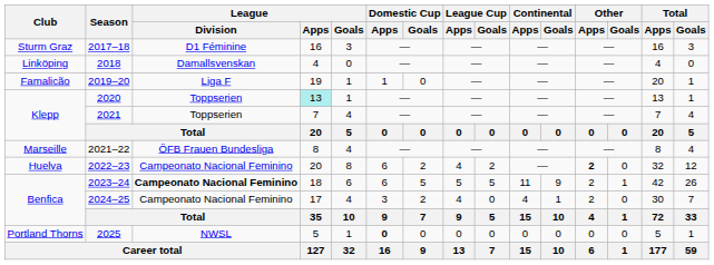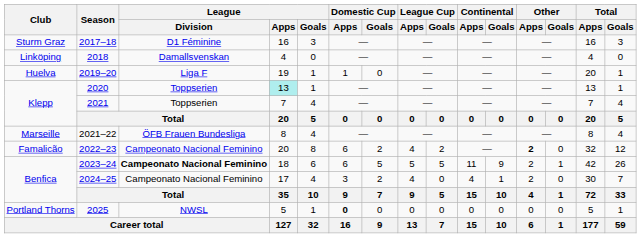 <table class="wikitable" style="text-align: center">
 <tr>
 <th rowspan="2">Club</th>
 <th rowspan="2">Season</th>
 <th colspan="3">League</th>
 <th colspan="2">Domestic Cup</th>
 <th colspan="2">League Cup</th>
 <th colspan="2">Continental</th>
 <th colspan="2">Other</th>
 <th colspan="2">Total</th>
 </tr>
 <tr>
 <th>Division</th>
 <th>Apps</th>
 <th>Goals</th>
 <th>Apps</th>
 <th>Goals</th>
 <th>Apps</th>
 <th>Goals</th>
 <th>Apps</th>
 <th>Goals</th>
 <th>Apps</th>
 <th>Goals</th>
 <th>Apps</th>
 <th>Goals</th>
 </tr>
 <tr>
 <td rowspan="1"><a href='#'>Sturm Graz</a></td>
 <td rowspan="1"><a href='#'>2017–18</a></td>
 <td><a href='#'>D1 Féminine</a></td>
 <td>16</td>
 <td>3</td>
 <td colspan=2>—</td>
 <td colspan=2>—</td>
 <td colspan=2>—</td>
 <td colspan=2>—</td>
 <td>16</td>
 <td>3</td>
 </tr>
 <tr>
 <td rowspan="1"><a href='#'>Linköping</a></td>
 <td rowspan="1"><a href='#'>2018</a></td>
 <td><a href='#'>Damallsvenskan</a></td>
 <td>4</td>
 <td>0</td>
 <td colspan=2>—</td>
 <td colspan=2>—</td>
 <td colspan=2>—</td>
 <td colspan=2>—</td>
 <td>4</td>
 <td>0</td>
 </tr>
 <tr>
-<td><a href='#'>Famalicão</a></td>
+<td rowspan="1"><a href='#'>Huelva</a></td>
 <td rowspan="1"><a href='#'>2019–20</a></td>
 <td><a href='#'>Liga F</a></td>
 <td>19</td>
 <td>1</td>
 <td>1</td>
 <td>0</td>
 <td colspan=2>—</td>
 <td colspan=2>—</td>
 <td colspan=2>—</td>
 <td>20</td>
 <td>1</td>
 </tr>
 <tr>
 <td rowspan="3"><a href='#'>Klepp</a></td>
 <td rowspan="1"><a href='#'>2020</a></td>
 <td><a href='#'>Toppserien</a></td>
 <td style="background: paleturquoise;">13</td>
 <td>1</td>
 <td colspan=2>—</td>
 <td colspan=2>—</td>
 <td colspan=2>—</td>
 <td colspan=2>—</td>
 <td>13</td>
 <td>1</td>
 </tr>
 <tr>
 <td rowspan="1"><a href='#'>2021</a></td>
 <td>Toppserien</td>
 <td>7</td>
 <td>4</td>
 <td colspan=2>—</td>
 <td colspan=2>—</td>
 <td colspan=2>—</td>
 <td colspan=2>—</td>
 <td>7</td>
 <td>4</td>
 </tr>
 <tr>
 <th colspan="2">Total</th>
 <th>20</th>
 <th>5</th>
 <th>0</th>
 <th>0</th>
 <th>0</th>
 <th>0</th>
 <th>0</th>
 <th>0</th>
 <th>0</th>
 <th>0</th>
 <th>20</th>
 <th>5</th>
 </tr>
 <tr>
 <td rowspan="1"><a href='#'>Marseille</a></td>
 <td rowspan="1">2021–22</td>
 <td><a href='#'>ÖFB Frauen Bundesliga</a></td>
 <td>8</td>
 <td>4</td>
 <td colspan=2>—</td>
 <td colspan=2>—</td>
 <td colspan=2>—</td>
 <td colspan=2>—</td>
 <td>8</td>
 <td>4</td>
 </tr>
 <tr>
-<td rowspan="1"><a href='#'>Huelva</a></td>
+<td><a href='#'>Famalicão</a></td>
 <td><a href='#'>2022–23</a></td>
 <td><a href='#'>Campeonato Nacional Feminino</a></td>
 <td>20</td>
 <td>8</td>
 <td>6</td>
 <td>2</td>
 <td>4</td>
 <td>2</td>
 <td colspan=2>—</td>
 <td><strong>2</strong></td>
 <td>0</td>
 <td>32</td>
 <td>12</td>
 </tr>
 <tr>
 <td rowspan="3"><a href='#'>Benfica</a></td>
 <td rowspan="1"><a href='#'>2023–24</a></td>
 <td><strong>Campeonato Nacional Feminino</strong></td>
 <td>18</td>
 <td>6</td>
 <td>6</td>
 <td>5</td>
 <td>5</td>
 <td>5</td>
 <td>11</td>
 <td>9</td>
 <td>2</td>
 <td>1</td>
 <td>42</td>
 <td>26</td>
 </tr>
 <tr>
 <td rowspan="1"><a href='#'>2024–25</a></td>
 <td>Campeonato Nacional Feminino</td>
 <td>17</td>
 <td>4</td>
 <td>3</td>
 <td>2</td>
 <td>4</td>
 <td>0</td>
 <td>4</td>
 <td>1</td>
 <td>2</td>
 <td>0</td>
 <td>30</td>
 <td>7</td>
 </tr>
 <tr>
 <th colspan="2">Total</th>
 <th>35</th>
 <th>10</th>
 <th>9</th>
 <th>7</th>
 <th>9</th>
 <th>5</th>
 <th>15</th>
 <th>10</th>
 <th>4</th>
 <th>1</th>
 <th>72</th>
 <th>33</th>
 </tr>
 <tr>
 <td><a href='#'>Portland Thorns</a></td>
 <td><a href='#'>2025</a></td>
 <td><a href='#'>NWSL</a></td>
 <td>5</td>
 <td>1</td>
 <td><strong>0</strong></td>
 <td>0</td>
 <td>0</td>
 <td>0</td>
 <td>0</td>
 <td>0</td>
 <td>0</td>
 <td>0</td>
 <td>5</td>
 <td>1</td>
 </tr>
 <tr>
 <th colspan="3" scope="row">Career total</th>
 <th>127</th>
 <th>32</th>
 <th>16</th>
 <th>9</th>
 <th>13</th>
 <th>7</th>
 <th>15</th>
 <th>10</th>
 <th>6</th>
 <th>1</th>
 <th>177</th>
 <th>59</th>
 </tr>
 </table>
